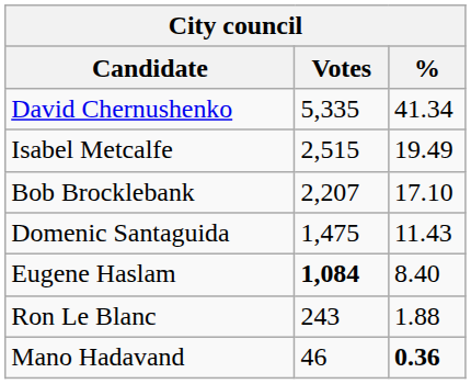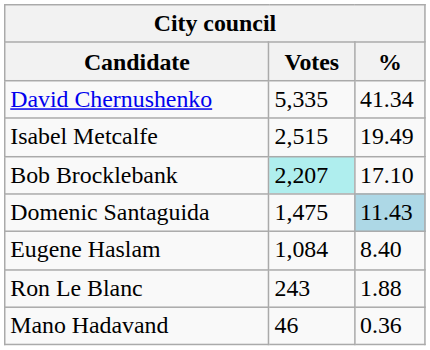 <table class="wikitable">
 <tr>
 <th colspan="3">City council</th>
 </tr>
 <tr>
 <th style="width: 170px">Candidate</th>
 <th style="width: 50px">Votes</th>
 <th style="width: 40px">%</th>
 </tr>
 <tr>
 <td><a href='#'>David Chernushenko</a></td>
 <td>5,335</td>
 <td>41.34</td>
 </tr>
 <tr>
 <td>Isabel Metcalfe</td>
 <td>2,515</td>
 <td>19.49</td>
 </tr>
 <tr>
 <td>Bob Brocklebank</td>
-<td>2,207</td>
+<td style="background: paleturquoise;">2,207</td>
 <td>17.10</td>
 </tr>
 <tr>
 <td>Domenic Santaguida</td>
 <td>1,475</td>
-<td>11.43</td>
+<td style="background: lightblue;">11.43</td>
 </tr>
 <tr>
 <td>Eugene Haslam</td>
-<td><strong>1,084</strong></td>
+<td>1,084</td>
 <td>8.40</td>
 </tr>
 <tr>
 <td>Ron Le Blanc</td>
 <td>243</td>
 <td>1.88</td>
 </tr>
 <tr>
 <td>Mano Hadavand</td>
 <td>46</td>
-<td><strong>0.36</strong></td>
+<td>0.36</td>
 </tr>
 </table>
